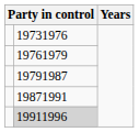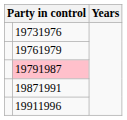 <table class="wikitable">
 <tr>
 <th colspan="2">Party in control</th>
 <th>Years</th>
 </tr>
 <tr>
 <td></td>
 <td>19731976</td>
 </tr>
 <tr>
 <td></td>
 <td>19761979</td>
 </tr>
 <tr>
 <td></td>
-<td>19791987</td>
+<td style="background: pink;">19791987</td>
 </tr>
 <tr>
 <td></td>
 <td>19871991</td>
 </tr>
 <tr>
 <td></td>
-<td style="background: lightgrey;">19911996</td>
+<td>19911996</td>
 </tr>
 </table>
